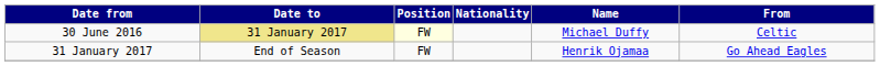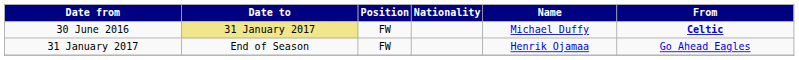 <table class="wikitable"  style="text-align:center; font-size:90%; ">
 <tr>
 <th style="background:#000080; color:white; width:200px;">Date from</th>
 <th style="background:#000080; color:white; width:200px;">Date to</th>
 <th style="background:#000080; color:white; width:45px;">Position</th>
 <th style="background:#000080; color:white; width:45px;">Nationality</th>
 <th style="background:#000080; color:white; width:150px;">Name</th>
 <th style="background:#000080; color:white; width:200px;">From</th>
 </tr>
 <tr>
 <td>30 June 2016</td>
 <td style="background: khaki;">31 January 2017</td>
-<td style="background: lightyellow;">FW</td>
+<td>FW</td>
 <td></td>
 <td><a href='#'>Michael Duffy</a></td>
-<td><a href='#'>Celtic</a></td>
+<td><strong><a href='#'>Celtic</a></strong></td>
 </tr>
 <tr>
 <td>31 January 2017</td>
 <td>End of Season</td>
 <td>FW</td>
 <td></td>
 <td><a href='#'>Henrik Ojamaa</a></td>
 <td><a href='#'>Go Ahead Eagles</a></td>
 </tr>
 <tr>
 </tr>
 </table>
